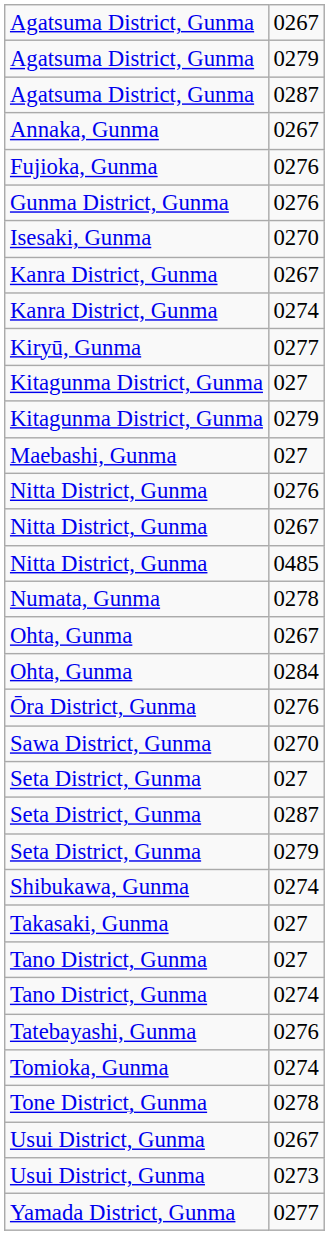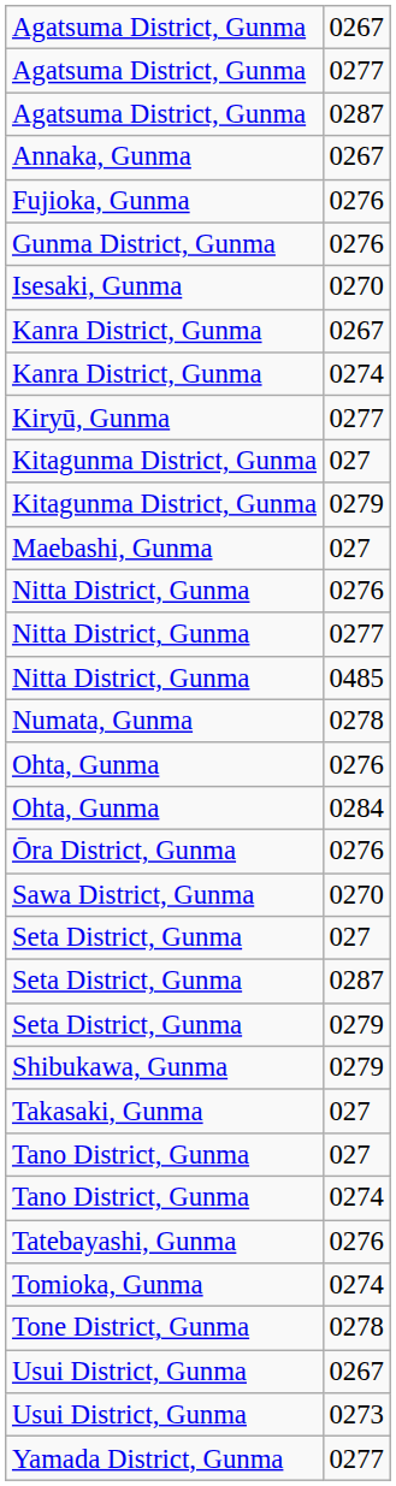 <table class="wikitable">
 <tr>
 <td><a href='#'>Agatsuma District, Gunma</a></td>
 <td>0267</td>
 </tr>
 <tr>
 <td><a href='#'>Agatsuma District, Gunma</a></td>
-<td>0279</td>
+<td>0277</td>
 </tr>
 <tr>
 <td><a href='#'>Agatsuma District, Gunma</a></td>
 <td>0287</td>
 </tr>
 <tr>
 <td><a href='#'>Annaka, Gunma</a></td>
 <td>0267</td>
 </tr>
 <tr>
 <td><a href='#'>Fujioka, Gunma</a></td>
 <td>0276</td>
 </tr>
 <tr>
 <td><a href='#'>Gunma District, Gunma</a></td>
 <td>0276</td>
 </tr>
 <tr>
 <td><a href='#'>Isesaki, Gunma</a></td>
 <td>0270</td>
 </tr>
 <tr>
 <td><a href='#'>Kanra District, Gunma</a></td>
 <td>0267</td>
 </tr>
 <tr>
 <td><a href='#'>Kanra District, Gunma</a></td>
 <td>0274</td>
 </tr>
 <tr>
 <td><a href='#'>Kiryū, Gunma</a></td>
 <td>0277</td>
 </tr>
 <tr>
 <td><a href='#'>Kitagunma District, Gunma</a></td>
 <td>027</td>
 </tr>
 <tr>
 <td><a href='#'>Kitagunma District, Gunma</a></td>
 <td>0279</td>
 </tr>
 <tr>
 <td><a href='#'>Maebashi, Gunma</a></td>
 <td>027</td>
 </tr>
 <tr>
 <td><a href='#'>Nitta District, Gunma</a></td>
 <td>0276</td>
 </tr>
 <tr>
 <td><a href='#'>Nitta District, Gunma</a></td>
-<td>0267</td>
+<td>0277</td>
 </tr>
 <tr>
 <td><a href='#'>Nitta District, Gunma</a></td>
 <td>0485</td>
 </tr>
 <tr>
 <td><a href='#'>Numata, Gunma</a></td>
 <td>0278</td>
 </tr>
 <tr>
 <td><a href='#'>Ohta, Gunma</a></td>
-<td>0267</td>
+<td>0276</td>
 </tr>
 <tr>
 <td><a href='#'>Ohta, Gunma</a></td>
 <td>0284</td>
 </tr>
 <tr>
 <td><a href='#'>Ōra District, Gunma</a></td>
 <td>0276</td>
 </tr>
 <tr>
 <td><a href='#'>Sawa District, Gunma</a></td>
 <td>0270</td>
 </tr>
 <tr>
 <td><a href='#'>Seta District, Gunma</a></td>
 <td>027</td>
 </tr>
 <tr>
 <td><a href='#'>Seta District, Gunma</a></td>
 <td>0287</td>
 </tr>
 <tr>
 <td><a href='#'>Seta District, Gunma</a></td>
 <td>0279</td>
 </tr>
 <tr>
 <td><a href='#'>Shibukawa, Gunma</a></td>
-<td>0274</td>
+<td>0279</td>
 </tr>
 <tr>
 <td><a href='#'>Takasaki, Gunma</a></td>
 <td>027</td>
 </tr>
 <tr>
 <td><a href='#'>Tano District, Gunma</a></td>
 <td>027</td>
 </tr>
 <tr>
 <td><a href='#'>Tano District, Gunma</a></td>
 <td>0274</td>
 </tr>
 <tr>
 <td><a href='#'>Tatebayashi, Gunma</a></td>
 <td>0276</td>
 </tr>
 <tr>
 <td><a href='#'>Tomioka, Gunma</a></td>
 <td>0274</td>
 </tr>
 <tr>
 <td><a href='#'>Tone District, Gunma</a></td>
 <td>0278</td>
 </tr>
 <tr>
 <td><a href='#'>Usui District, Gunma</a></td>
 <td>0267</td>
 </tr>
 <tr>
 <td><a href='#'>Usui District, Gunma</a></td>
 <td>0273</td>
 </tr>
 <tr>
 <td><a href='#'>Yamada District, Gunma</a></td>
 <td>0277</td>
 </tr>
 </table>
